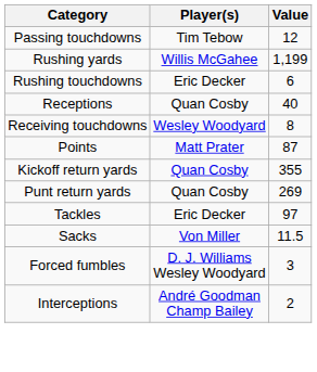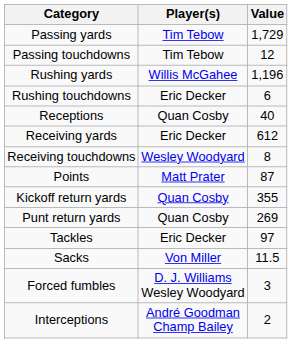 <table class="wikitable" style="text-align:center">
 <tr>
 <th>Category</th>
 <th>Player(s)</th>
 <th>Value</th>
+</tr>
+<tr>
+<td>Passing yards</td>
+<td><a href='#'>Tim Tebow</a></td>
+<td>1,729</td>
 </tr>
 <tr>
 <td>Passing touchdowns</td>
 <td>Tim Tebow</td>
 <td>12</td>
 </tr>
 <tr>
 <td>Rushing yards</td>
 <td><a href='#'>Willis McGahee</a></td>
-<td>1,199</td>
+<td>1,196</td>
 </tr>
 <tr>
 <td>Rushing touchdowns</td>
 <td>Eric Decker</td>
 <td>6</td>
 </tr>
 <tr>
 <td>Receptions</td>
 <td>Quan Cosby</td>
 <td>40</td>
+</tr>
+<tr>
+<td>Receiving yards</td>
+<td>Eric Decker</td>
+<td>612</td>
 </tr>
 <tr>
 <td>Receiving touchdowns</td>
 <td><a href='#'>Wesley Woodyard</a></td>
 <td>8</td>
 </tr>
 <tr>
 <td>Points</td>
 <td><a href='#'>Matt Prater</a></td>
 <td>87</td>
 </tr>
 <tr>
 <td>Kickoff return yards</td>
 <td><a href='#'>Quan Cosby</a></td>
 <td>355</td>
 </tr>
 <tr>
 <td>Punt return yards</td>
 <td>Quan Cosby</td>
 <td>269</td>
 </tr>
 <tr>
 <td>Tackles</td>
 <td>Eric Decker</td>
 <td>97</td>
 </tr>
 <tr>
 <td>Sacks</td>
 <td><a href='#'>Von Miller</a></td>
 <td>11.5</td>
 </tr>
 <tr>
 <td>Forced fumbles</td>
 <td><a href='#'>D. J. Williams</a><br>Wesley Woodyard</td>
 <td>3</td>
 </tr>
 <tr>
 <td>Interceptions</td>
 <td><a href='#'>André Goodman</a><br><a href='#'>Champ Bailey</a></td>
 <td>2</td>
 </tr>
 </table>
